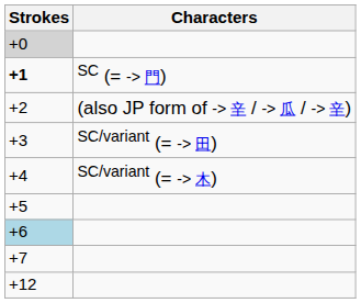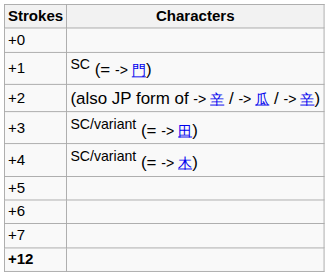 <table class="wikitable">
 <tr>
 <th>Strokes</th>
 <th>Characters</th>
 </tr>
 <tr --->
-<td style="background: lightgrey;">+0</td>
+<td>+0</td>
 <td style="font-size: large;"></td>
 </tr>
 <tr --->
-<td><strong>+1</strong></td>
+<td>+1</td>
 <td style="font-size: large;"> <sup>SC</sup> (= <small>-> <a href='#'>門</a></small>)</td>
 </tr>
 <tr --->
 <td>+2</td>
 <td style="font-size: large;"> (also JP form of  <small>-> <a href='#'>辛</a></small> /  <small>-> <a href='#'>瓜</a></small> /  <small>-> <a href='#'>辛</a></small>)</td>
 </tr>
 <tr --->
 <td>+3</td>
 <td style="font-size: large;"><sup>SC/variant</sup> (= <small>-> <a href='#'>田</a></small>)</td>
 </tr>
 <tr --->
 <td>+4</td>
 <td style="font-size: large;"><sup>SC/variant</sup> (= <small>-> <a href='#'>木</a></small>)  </td>
 </tr>
 <tr --->
 <td>+5</td>
 <td style="font-size: large;"></td>
 </tr>
 <tr --->
-<td style="background: lightblue;">+6</td>
+<td>+6</td>
 <td style="font-size: large;"> </td>
 </tr>
 <tr --->
 <td>+7</td>
 <td style="font-size: large;"></td>
 </tr>
 <tr --->
-<td>+12</td>
+<td><strong>+12</strong></td>
 <td style="font-size: large;"></td>
 </tr>
 </table>
